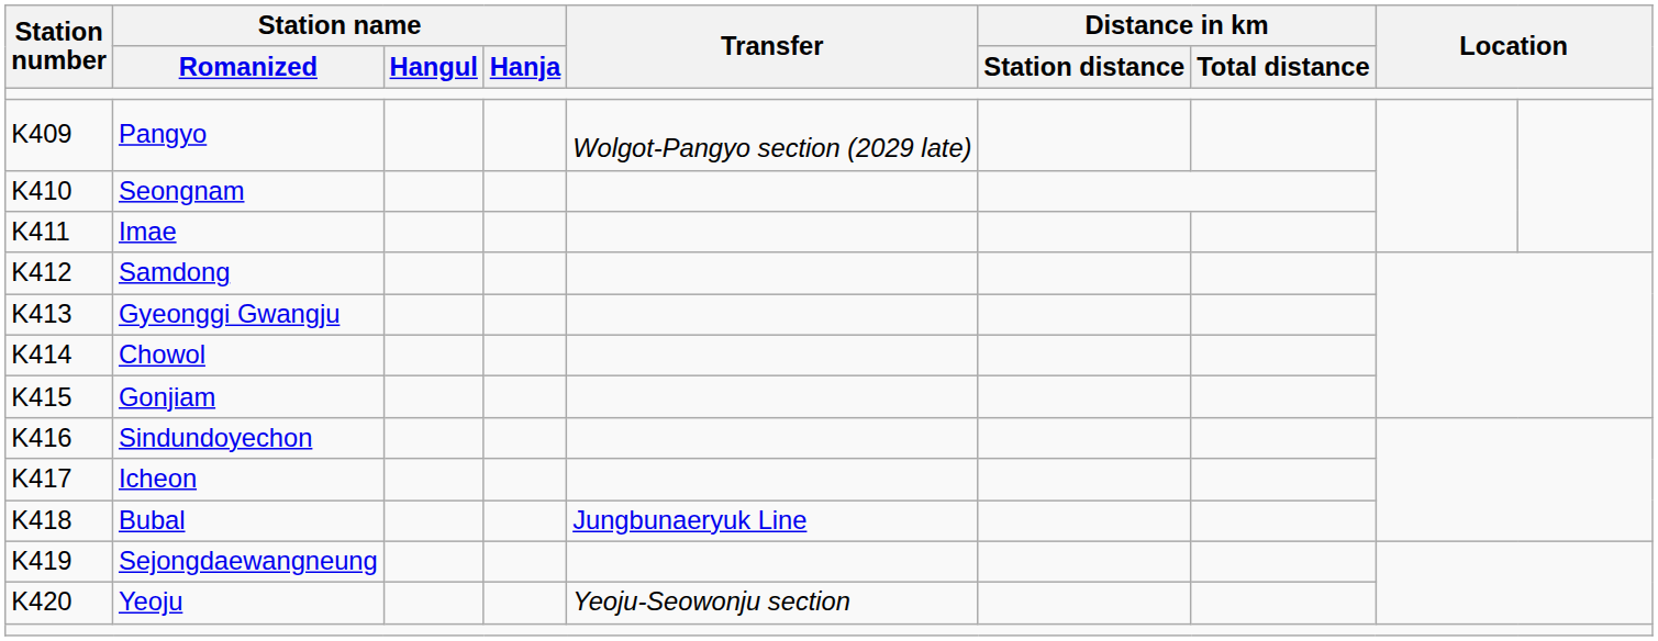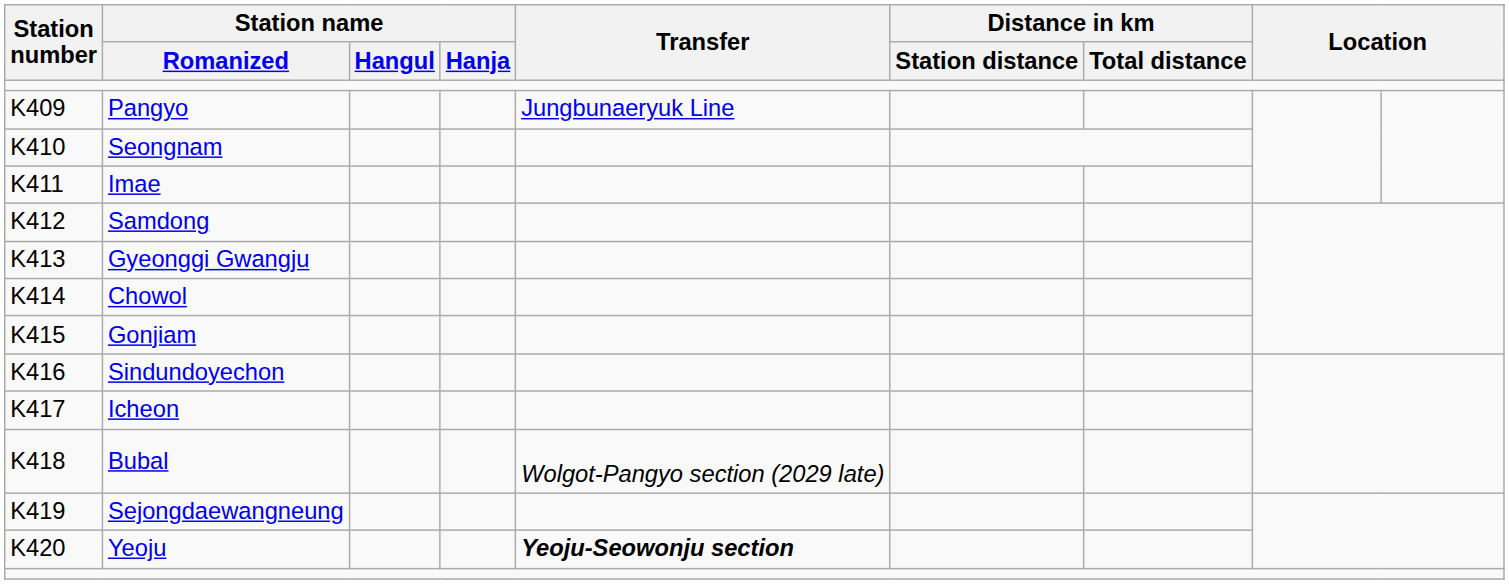 <table class="wikitable">
 <tr>
 <th rowspan="2">Station<br>number</th>
 <th colspan="3">Station name</th>
 <th rowspan="2">Transfer</th>
 <th colspan="2">Distance in km</th>
 <th colspan="2" rowspan="2">Location</th>
 </tr>
 <tr>
 <th><a href='#'>Romanized</a></th>
 <th><a href='#'>Hangul</a></th>
 <th><a href='#'>Hanja</a></th>
 <th>Station distance</th>
 <th>Total distance</th>
 </tr>
 <tr style="background:#">
 <td colspan="10"></td>
 </tr>
 <tr>
 <td>K409</td>
 <td><a href='#'>Pangyo</a></td>
 <td></td>
 <td></td>
-<td><br><em>Wolgot-Pangyo section (2029 late)</em></td>
+<td><a href='#'>Jungbunaeryuk Line</a></td>
 <td></td>
 <td></td>
 <td rowspan="3" width="80"></td>
 <td rowspan="3" width="75"></td>
 </tr>
 <tr>
 <td>K410</td>
 <td><a href='#'>Seongnam</a></td>
 <td></td>
 <td></td>
 <td></td>
 <td colspan="2"></td>
 </tr>
 <tr>
 <td>K411</td>
 <td><a href='#'>Imae</a></td>
 <td></td>
 <td></td>
 <td></td>
 <td></td>
 <td></td>
 </tr>
 <tr>
 <td>K412</td>
 <td><a href='#'>Samdong</a></td>
 <td></td>
 <td></td>
 <td></td>
 <td></td>
 <td></td>
 <td colspan="2" rowspan="4"></td>
 </tr>
 <tr>
 <td>K413</td>
 <td><a href='#'>Gyeonggi Gwangju</a></td>
 <td></td>
 <td></td>
 <td></td>
 <td></td>
 <td></td>
 </tr>
 <tr>
 <td>K414</td>
 <td><a href='#'>Chowol</a></td>
 <td></td>
 <td></td>
 <td></td>
 <td></td>
 <td></td>
 </tr>
 <tr>
 <td>K415</td>
 <td><a href='#'>Gonjiam</a></td>
 <td></td>
 <td></td>
 <td></td>
 <td></td>
 <td></td>
 </tr>
 <tr>
 <td>K416</td>
 <td><a href='#'>Sindundoyechon</a></td>
 <td></td>
 <td></td>
 <td></td>
 <td></td>
 <td></td>
 <td colspan="2" rowspan="3"></td>
 </tr>
 <tr>
 <td>K417</td>
 <td><a href='#'>Icheon</a></td>
 <td></td>
 <td></td>
 <td></td>
 <td></td>
 <td></td>
 </tr>
 <tr>
 <td>K418</td>
 <td><a href='#'>Bubal</a></td>
 <td></td>
 <td></td>
-<td><a href='#'>Jungbunaeryuk Line</a></td>
+<td><br><em>Wolgot-Pangyo section (2029 late)</em></td>
 <td></td>
 <td></td>
 </tr>
 <tr>
 <td>K419</td>
 <td><a href='#'>Sejongdaewangneung</a></td>
 <td></td>
 <td></td>
 <td></td>
 <td></td>
 <td></td>
 <td colspan="2" rowspan="2"></td>
 </tr>
 <tr>
 <td>K420</td>
 <td><a href='#'>Yeoju</a></td>
 <td></td>
 <td></td>
-<td><em>Yeoju-Seowonju section</em></td>
+<td><strong><em>Yeoju-Seowonju section</em></strong></td>
 <td></td>
 <td></td>
 </tr>
 <tr style="background:#">
 <td colspan="10"></td>
 </tr>
 </table>
